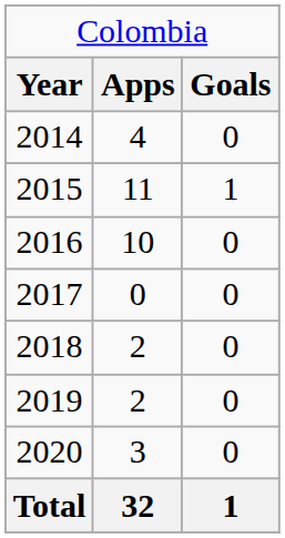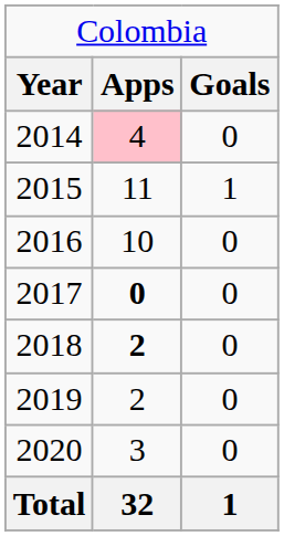 <table class="wikitable" style="text-align:center">
 <tr>
 <td colspan="3"><a href='#'>Colombia</a></td>
 </tr>
 <tr>
 <th>Year</th>
 <th>Apps</th>
 <th>Goals</th>
 </tr>
 <tr>
 <td>2014</td>
-<td>4</td>
+<td style="background: pink;">4</td>
 <td>0</td>
 </tr>
 <tr>
 <td>2015</td>
 <td>11</td>
 <td>1</td>
 </tr>
 <tr>
 <td>2016</td>
 <td>10</td>
 <td>0</td>
 </tr>
 <tr>
 <td>2017</td>
-<td>0</td>
+<td><strong>0</strong></td>
 <td>0</td>
 </tr>
 <tr>
 <td>2018</td>
-<td>2</td>
+<td><strong>2</strong></td>
 <td>0</td>
 </tr>
 <tr>
 <td>2019</td>
 <td>2</td>
 <td>0</td>
 </tr>
 <tr>
 <td>2020</td>
 <td>3</td>
 <td>0</td>
 </tr>
 <tr>
 <th>Total</th>
 <th>32</th>
 <th>1</th>
 </tr>
 </table>
